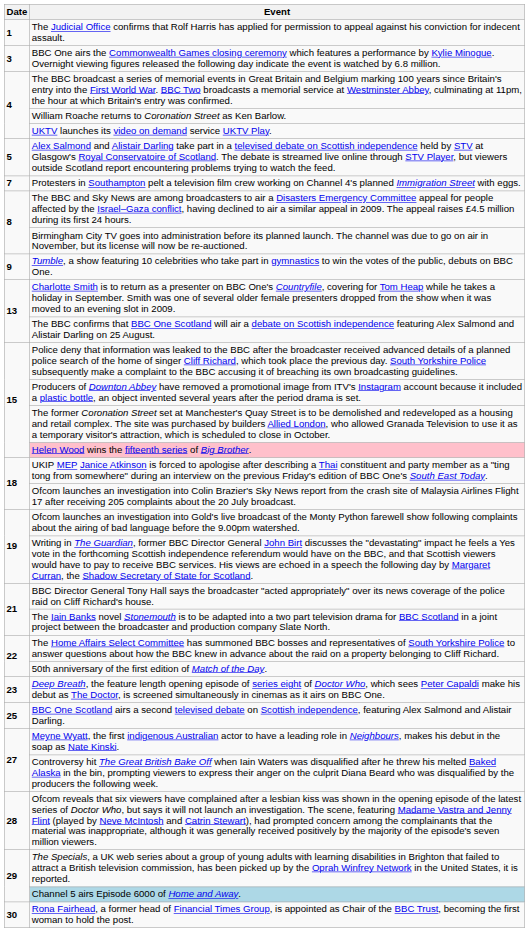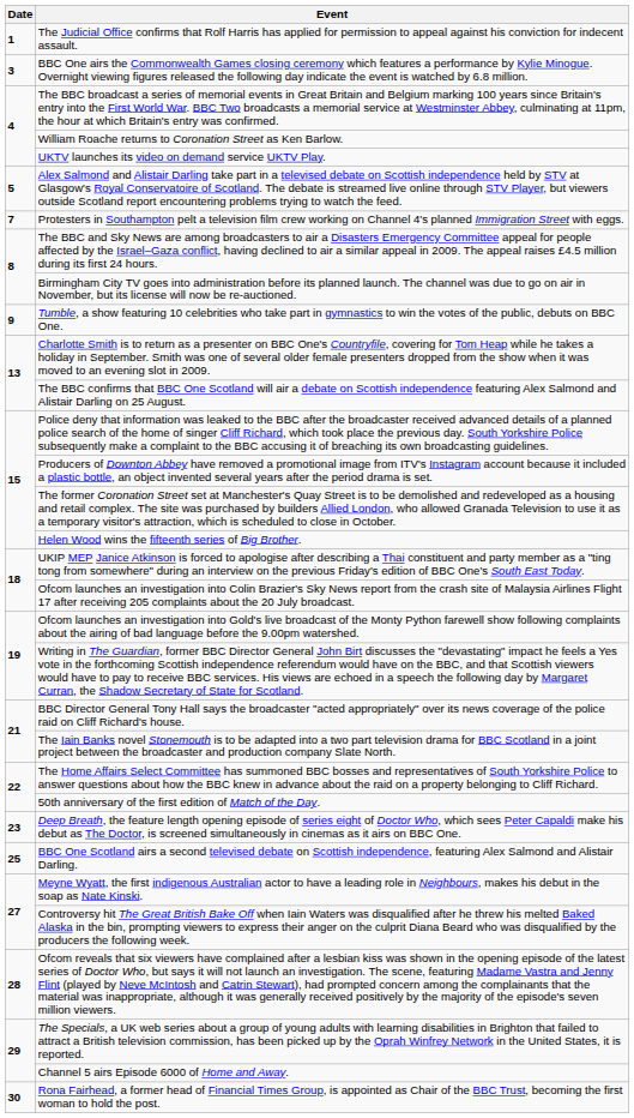 <table class="wikitable">
 <tr>
 <th>Date</th>
 <th>Event</th>
 </tr>
 <tr>
 <td><strong>1</strong></td>
 <td>The <a href='#'>Judicial Office</a> confirms that Rolf Harris has applied for permission to appeal against his conviction for indecent assault.</td>
 </tr>
 <tr>
 <td><strong>3</strong></td>
 <td>BBC One airs the <a href='#'>Commonwealth Games closing ceremony</a> which features a performance by <a href='#'>Kylie Minogue</a>. Overnight viewing figures released the following day indicate the event is watched by 6.8 million.</td>
 </tr>
 <tr>
 <td rowspan=3><strong>4</strong></td>
 <td>The BBC broadcast a series of memorial events in Great Britain and Belgium marking 100 years since Britain's entry into the <a href='#'>First World War</a>. <a href='#'>BBC Two</a> broadcasts a memorial service at <a href='#'>Westminster Abbey</a>, culminating at 11pm, the hour at which Britain's entry was confirmed.</td>
 </tr>
 <tr>
 <td>William Roache returns to <em>Coronation Street</em> as Ken Barlow.</td>
 </tr>
 <tr>
 <td><a href='#'>UKTV</a> launches its <a href='#'>video on demand</a> service <a href='#'>UKTV Play</a>.</td>
 </tr>
 <tr>
 <td><strong>5</strong></td>
 <td><a href='#'>Alex Salmond</a> and <a href='#'>Alistair Darling</a> take part in a <a href='#'>televised debate on Scottish independence</a> held by <a href='#'>STV</a> at Glasgow's <a href='#'>Royal Conservatoire of Scotland</a>. The debate is streamed live online through <a href='#'>STV Player</a>, but viewers outside Scotland report encountering problems trying to watch the feed.</td>
 </tr>
 <tr>
 <td><strong>7</strong></td>
 <td>Protesters in <a href='#'>Southampton</a> pelt a television film crew working on Channel 4's planned <em><a href='#'>Immigration Street</a></em> with eggs.</td>
 </tr>
 <tr>
 <td rowspan=2><strong>8</strong></td>
 <td>The BBC and Sky News are among broadcasters to air a <a href='#'>Disasters Emergency Committee</a> appeal for people affected by the <a href='#'>Israel–Gaza conflict</a>, having declined to air a similar appeal in 2009. The appeal raises £4.5 million during its first 24 hours.</td>
 </tr>
 <tr>
 <td>Birmingham City TV goes into administration before its planned launch. The channel was due to go on air in November, but its license will now be re-auctioned.</td>
 </tr>
 <tr>
 <td><strong>9</strong></td>
 <td><em><a href='#'>Tumble</a></em>, a show featuring 10 celebrities who take part in <a href='#'>gymnastics</a> to win the votes of the public, debuts on BBC One.</td>
 </tr>
 <tr>
 <td rowspan=2><strong>13</strong></td>
 <td><a href='#'>Charlotte Smith</a> is to return as a presenter on BBC One's <em><a href='#'>Countryfile</a></em>, covering for <a href='#'>Tom Heap</a> while he takes a holiday in September. Smith was one of several older female presenters dropped from the show when it was moved to an evening slot in 2009.</td>
 </tr>
 <tr>
 <td>The BBC confirms that <a href='#'>BBC One Scotland</a> will air a <a href='#'>debate on Scottish independence</a> featuring Alex Salmond and Alistair Darling on 25 August.</td>
 </tr>
 <tr>
 <td rowspan=4><strong>15</strong></td>
 <td>Police deny that information was leaked to the BBC after the broadcaster received advanced details of a planned police search of the home of singer <a href='#'>Cliff Richard</a>, which took place the previous day. <a href='#'>South Yorkshire Police</a> subsequently make a complaint to the BBC accusing it of breaching its own broadcasting guidelines.</td>
 </tr>
 <tr>
 <td>Producers of <em><a href='#'>Downton Abbey</a></em> have removed a promotional image from ITV's <a href='#'>Instagram</a> account because it included a <a href='#'>plastic bottle</a>, an object invented several years after the period drama is set.</td>
 </tr>
 <tr>
 <td>The former <em>Coronation Street</em> set at Manchester's Quay Street is to be demolished and redeveloped as a housing and retail complex. The site was purchased by builders <a href='#'>Allied London</a>, who allowed Granada Television to use it as a temporary visitor's attraction, which is scheduled to close in October.</td>
 </tr>
 <tr>
-<td style="background: pink;"><a href='#'>Helen Wood</a> wins the <a href='#'>fifteenth series</a> of <em><a href='#'>Big Brother</a></em>.</td>
+<td><a href='#'>Helen Wood</a> wins the <a href='#'>fifteenth series</a> of <em><a href='#'>Big Brother</a></em>.</td>
 </tr>
 <tr>
 <td rowspan=2><strong>18</strong></td>
 <td>UKIP <a href='#'>MEP</a> <a href='#'>Janice Atkinson</a> is forced to apologise after describing a <a href='#'>Thai</a> constituent and party member as a "ting tong from somewhere" during an interview on the previous Friday's edition of BBC One's <em><a href='#'>South East Today</a></em>.</td>
 </tr>
 <tr>
 <td>Ofcom launches an investigation into Colin Brazier's Sky News report from the crash site of Malaysia Airlines Flight 17 after receiving 205 complaints about the 20 July broadcast.</td>
 </tr>
 <tr>
 <td rowspan=2><strong>19</strong></td>
 <td>Ofcom launches an investigation into Gold's live broadcast of the Monty Python farewell show following complaints about the airing of bad language before the 9.00pm watershed.</td>
 </tr>
 <tr>
 <td>Writing in <em><a href='#'>The Guardian</a></em>, former BBC Director General <a href='#'>John Birt</a> discusses the "devastating" impact he feels a Yes vote in the forthcoming Scottish independence referendum would have on the BBC, and that Scottish viewers would have to pay to receive BBC services. His views are echoed in a speech the following day by <a href='#'>Margaret Curran</a>, the <a href='#'>Shadow Secretary of State for Scotland</a>.</td>
 </tr>
 <tr>
 <td rowspan=2><strong>21</strong></td>
 <td>BBC Director General Tony Hall says the broadcaster "acted appropriately" over its news coverage of the police raid on Cliff Richard's house.</td>
 </tr>
 <tr>
 <td>The <a href='#'>Iain Banks</a> novel <em><a href='#'>Stonemouth</a></em> is to be adapted into a two part television drama for <a href='#'>BBC Scotland</a> in a joint project between the broadcaster and production company Slate North.</td>
 </tr>
 <tr>
 <td rowspan=2><strong>22</strong></td>
 <td>The <a href='#'>Home Affairs Select Committee</a> has summoned BBC bosses and representatives of <a href='#'>South Yorkshire Police</a> to answer questions about how the BBC knew in advance about the raid on a property belonging to Cliff Richard.</td>
 </tr>
 <tr>
 <td>50th anniversary of the first edition of <em><a href='#'>Match of the Day</a></em>.</td>
 </tr>
 <tr>
 <td><strong>23</strong></td>
 <td><em><a href='#'>Deep Breath</a></em>, the feature length opening episode of <a href='#'>series eight</a> of <em><a href='#'>Doctor Who</a></em>, which sees <a href='#'>Peter Capaldi</a> make his debut as <a href='#'>The Doctor</a>, is screened simultaneously in cinemas as it airs on BBC One.</td>
 </tr>
 <tr>
 <td><strong>25</strong></td>
 <td><a href='#'>BBC One Scotland</a> airs a second <a href='#'>televised debate</a> on <a href='#'>Scottish independence</a>, featuring Alex Salmond and Alistair Darling.</td>
 </tr>
 <tr>
 <td rowspan=2><strong>27</strong></td>
 <td><a href='#'>Meyne Wyatt</a>, the first <a href='#'>indigenous Australian</a> actor to have a leading role in <em><a href='#'>Neighbours</a></em>, makes his debut in the soap as <a href='#'>Nate Kinski</a>.</td>
 </tr>
 <tr>
 <td>Controversy hit <em><a href='#'>The Great British Bake Off</a></em> when Iain Waters was disqualified after he threw his melted <a href='#'>Baked Alaska</a> in the bin, prompting viewers to express their anger on the culprit Diana Beard who was disqualified by the producers the following week.</td>
 </tr>
 <tr>
 <td><strong>28</strong></td>
 <td>Ofcom reveals that six viewers have complained after a lesbian kiss was shown in the opening episode of the latest series of <em>Doctor Who</em>, but says it will not launch an investigation. The scene, featuring <a href='#'>Madame Vastra and Jenny Flint</a> (played by <a href='#'>Neve McIntosh</a> and <a href='#'>Catrin Stewart</a>), had prompted concern among the complainants that the material was inappropriate, although it was generally received positively by the majority of the episode's seven million viewers.</td>
 </tr>
 <tr>
 <td rowspan=2><strong>29</strong></td>
 <td><em>The Specials</em>, a UK web series about a group of young adults with learning disabilities in Brighton that failed to attract a British television commission, has been picked up by the <a href='#'>Oprah Winfrey Network</a> in the United States, it is reported.</td>
 </tr>
 <tr>
-<td style="background: lightblue;">Channel 5 airs Episode 6000 of <em><a href='#'>Home and Away</a></em>.</td>
+<td>Channel 5 airs Episode 6000 of <em><a href='#'>Home and Away</a></em>.</td>
 </tr>
 <tr>
 <td><strong>30</strong></td>
 <td><a href='#'>Rona Fairhead</a>, a former head of <a href='#'>Financial Times Group</a>, is appointed as Chair of the <a href='#'>BBC Trust</a>, becoming the first woman to hold the post.</td>
 </tr>
 </table>
